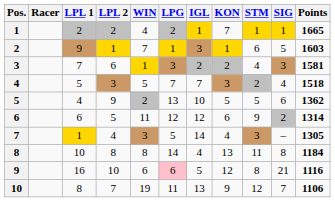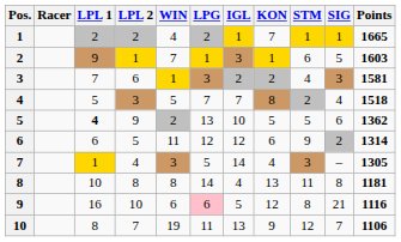 <table class="wikitable sortable plainrowheaders" style="text-align:center;">
 <tr>
 <th scope="col">Pos.</th>
 <th scope="col">Racer</th>
 <th scope="col"> <a href='#'>LPL</a> 1</th>
 <th scope="col"> <a href='#'>LPL</a> 2</th>
 <th scope="col"> <a href='#'>WIN</a></th>
 <th scope="col"> <a href='#'>LPG</a></th>
 <th scope="col"> <a href='#'>IGL</a></th>
 <th scope="col"> <a href='#'>KON</a></th>
 <th scope="col"> <a href='#'>STM</a></th>
 <th> <a href='#'>SIG</a></th>
 <th>Points</th>
 </tr>
 <tr>
 <th style="text-align:center;">1</th>
 <td align="left"></td>
 <td style="background:silver;">2</td>
 <td style="background:silver;">2</td>
 <td>4</td>
 <td style="background:silver;">2</td>
 <td style="background:gold;">1</td>
 <td>7</td>
 <td style="background:gold;">1</td>
 <td style="background:gold;">1</td>
 <td><strong>1665</strong></td>
 </tr>
 <tr>
 <th style="text-align:center;">2</th>
 <td align="left"></td>
 <td style="background:#c96;">9</td>
 <td style="background:gold;">1</td>
 <td>7</td>
 <td style="background:gold;">1</td>
 <td style="background:#c96;">3</td>
 <td style="background:gold;">1</td>
 <td>6</td>
 <td>5</td>
 <td><strong>1603</strong></td>
 </tr>
 <tr>
 <th style="text-align:center;">3</th>
 <td align="left"></td>
 <td>7</td>
 <td>6</td>
 <td style="background:gold;">1</td>
 <td style="background:#c96;">3</td>
 <td style="background:silver;">2</td>
 <td style="background:silver;">2</td>
 <td>4</td>
 <td style="background:#c96;">3</td>
 <td><strong>1581</strong></td>
 </tr>
 <tr>
 <th style="text-align:center;">4</th>
 <td align="left"></td>
 <td>5</td>
 <td style="background:#c96;">3</td>
 <td>5</td>
 <td>7</td>
 <td>7</td>
-<td style="background:#c96;">3</td>
+<td style="background:#c96;">8</td>
 <td style="background:silver;">2</td>
 <td>4</td>
 <td><strong>1518</strong></td>
 </tr>
 <tr>
 <th style="text-align:center;">5</th>
 <td align="left"></td>
-<td>4</td>
+<td><strong>4</strong></td>
 <td>9</td>
 <td style="background:silver;">2</td>
 <td>13</td>
 <td>10</td>
 <td>5</td>
 <td>5</td>
 <td>6</td>
 <td><strong>1362</strong></td>
 </tr>
 <tr>
 <th style="text-align:center;">6</th>
 <td align="left"></td>
 <td>6</td>
 <td>5</td>
 <td>11</td>
 <td>12</td>
 <td>12</td>
 <td>6</td>
 <td>9</td>
 <td style="background:silver;">2</td>
 <td><strong>1314</strong></td>
 </tr>
 <tr>
 <th style="text-align:center;">7</th>
 <td align="left"></td>
 <td style="background:gold;">1</td>
 <td>4</td>
 <td style="background:#c96;">3</td>
 <td>5</td>
 <td>14</td>
 <td>4</td>
 <td style="background:#c96;">3</td>
 <td>–</td>
 <td><strong>1305</strong></td>
 </tr>
 <tr>
 <th style="text-align:center;">8</th>
 <td align="left"></td>
 <td>10</td>
 <td>8</td>
 <td>8</td>
 <td>14</td>
 <td>4</td>
 <td>13</td>
 <td>11</td>
 <td>8</td>
-<td><strong>1184</strong></td>
+<td><strong>1181</strong></td>
 </tr>
 <tr>
 <th style="text-align:center;">9</th>
 <td align="left"></td>
 <td>16</td>
 <td>10</td>
 <td>6</td>
 <td style="background: pink;">6</td>
 <td>5</td>
 <td>12</td>
 <td>8</td>
 <td>21</td>
 <td><strong>1116</strong></td>
 </tr>
 <tr>
 <th style="text-align:center;">10</th>
 <td align="left"></td>
 <td>8</td>
 <td>7</td>
 <td>19</td>
 <td>11</td>
 <td>13</td>
 <td>9</td>
 <td>12</td>
 <td>7</td>
 <td><strong>1106</strong></td>
 </tr>
 </table>
